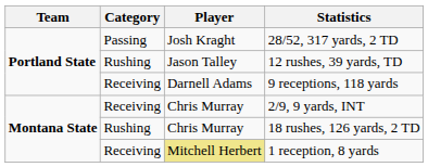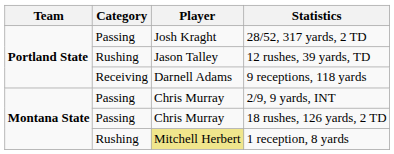 <table class="wikitable" style="float: right;">
 <tr>
 <th>Team</th>
 <th>Category</th>
 <th>Player</th>
 <th>Statistics</th>
 </tr>
 <tr>
 <td rowspan=3><strong>Portland State</strong></td>
 <td>Passing</td>
 <td>Josh Kraght</td>
 <td>28/52, 317 yards, 2 TD</td>
 </tr>
 <tr>
 <td>Rushing</td>
 <td>Jason Talley</td>
 <td>12 rushes, 39 yards, TD</td>
 </tr>
 <tr>
 <td>Receiving</td>
 <td>Darnell Adams</td>
 <td>9 receptions, 118 yards</td>
 </tr>
 <tr>
 <td rowspan=3><strong>Montana State</strong></td>
-<td>Receiving</td>
+<td>Passing</td>
 <td>Chris Murray</td>
 <td>2/9, 9 yards, INT</td>
 </tr>
 <tr>
-<td>Rushing</td>
+<td>Passing</td>
 <td>Chris Murray</td>
 <td>18 rushes, 126 yards, 2 TD</td>
 </tr>
 <tr>
-<td>Receiving</td>
+<td>Rushing</td>
 <td style="background: khaki;">Mitchell Herbert</td>
 <td>1 reception, 8 yards</td>
 </tr>
 </table>
